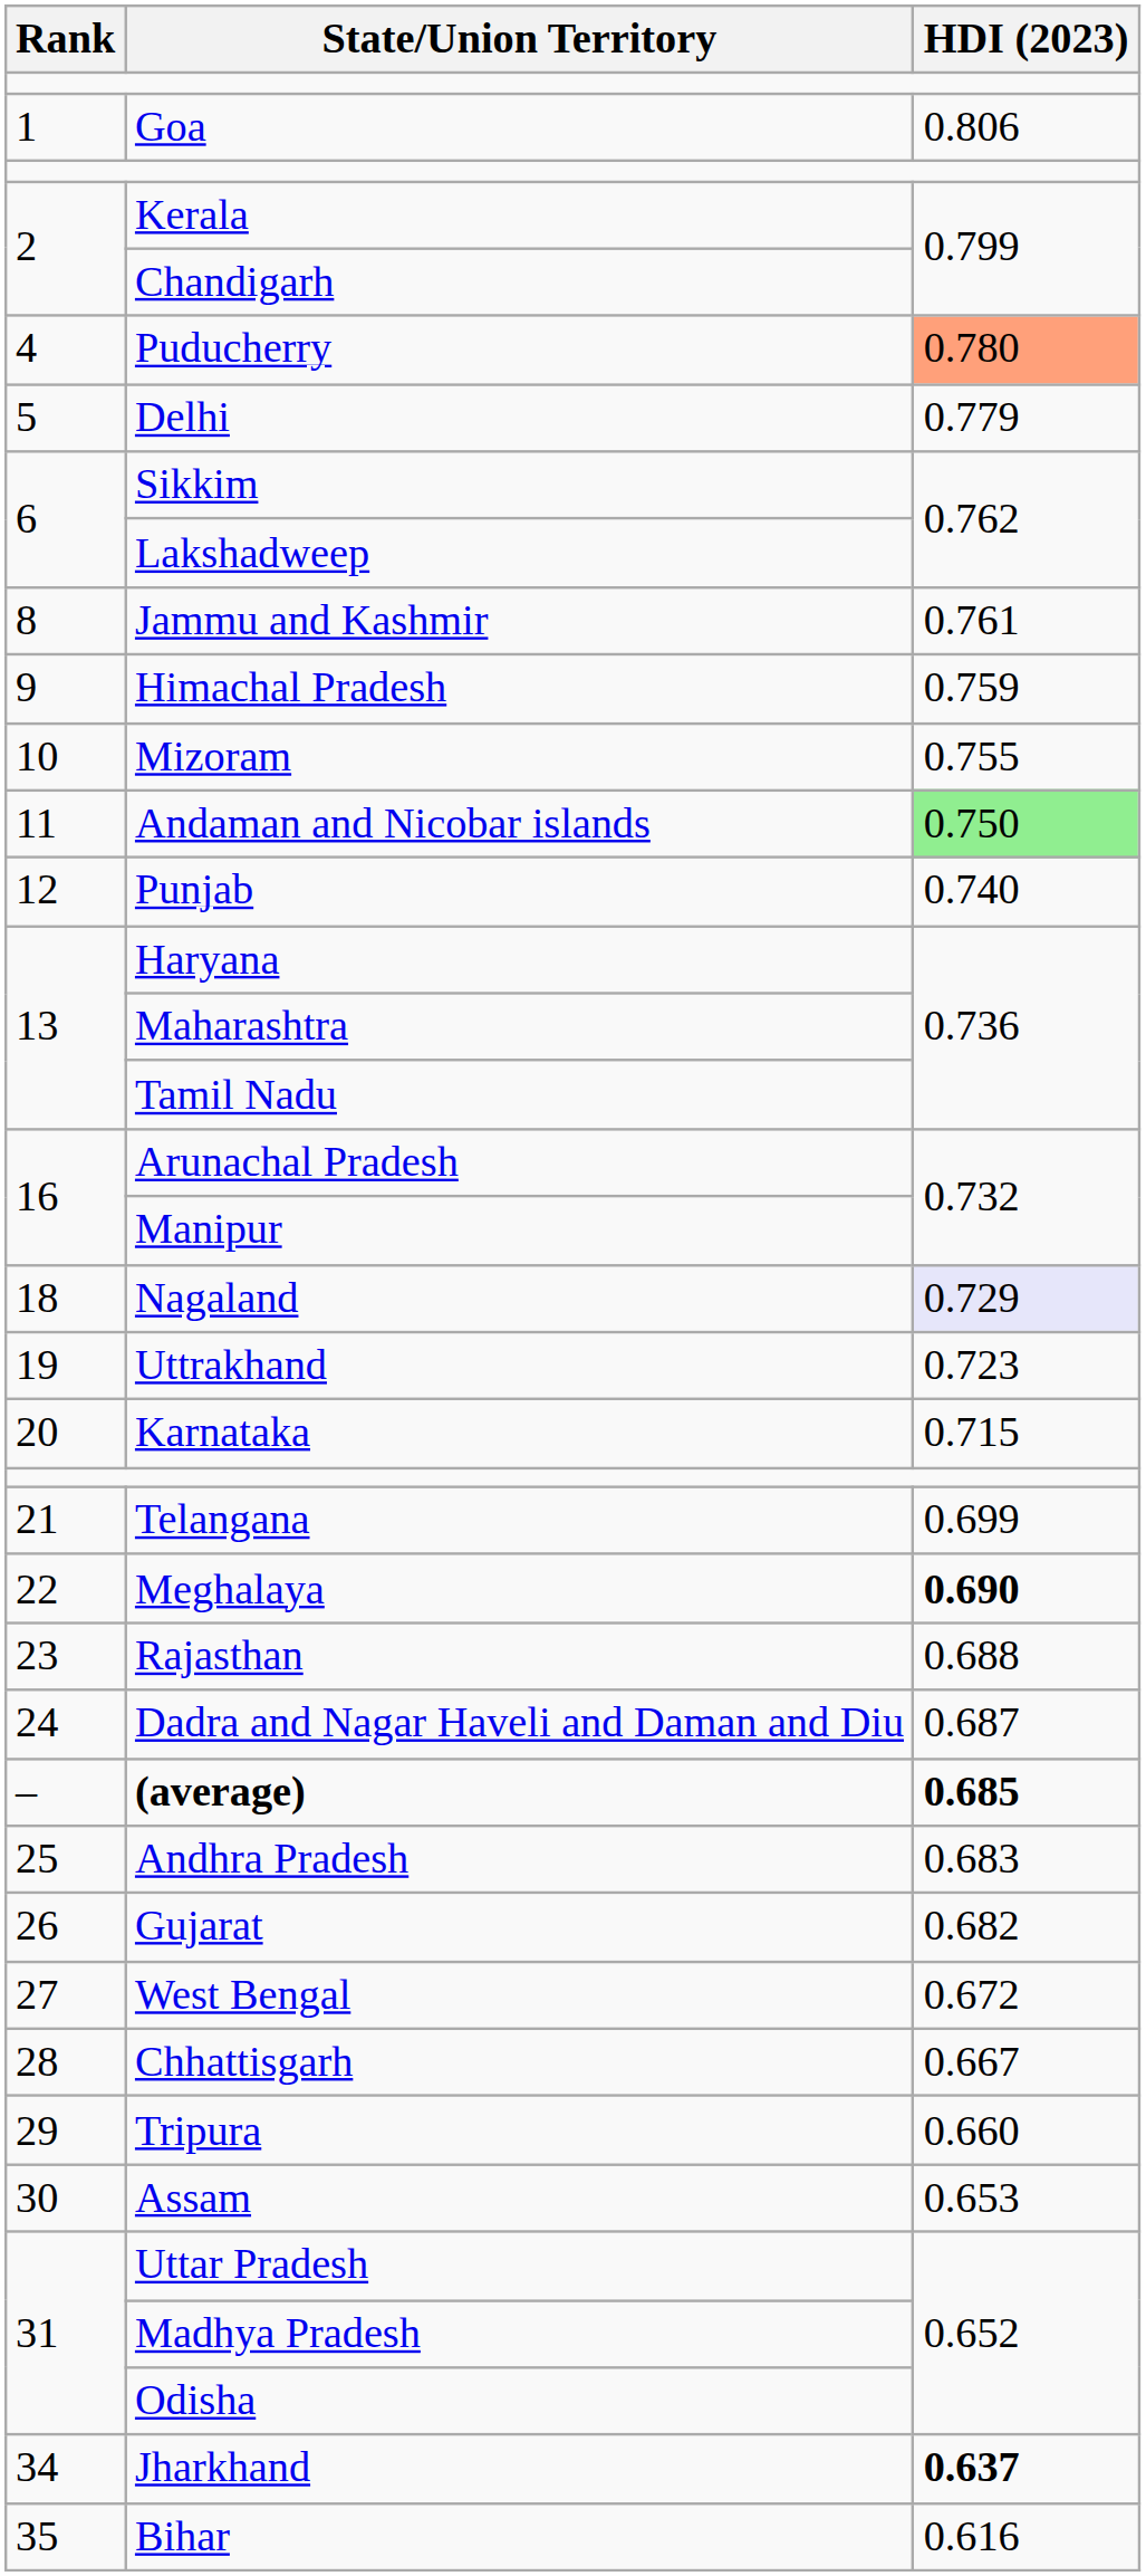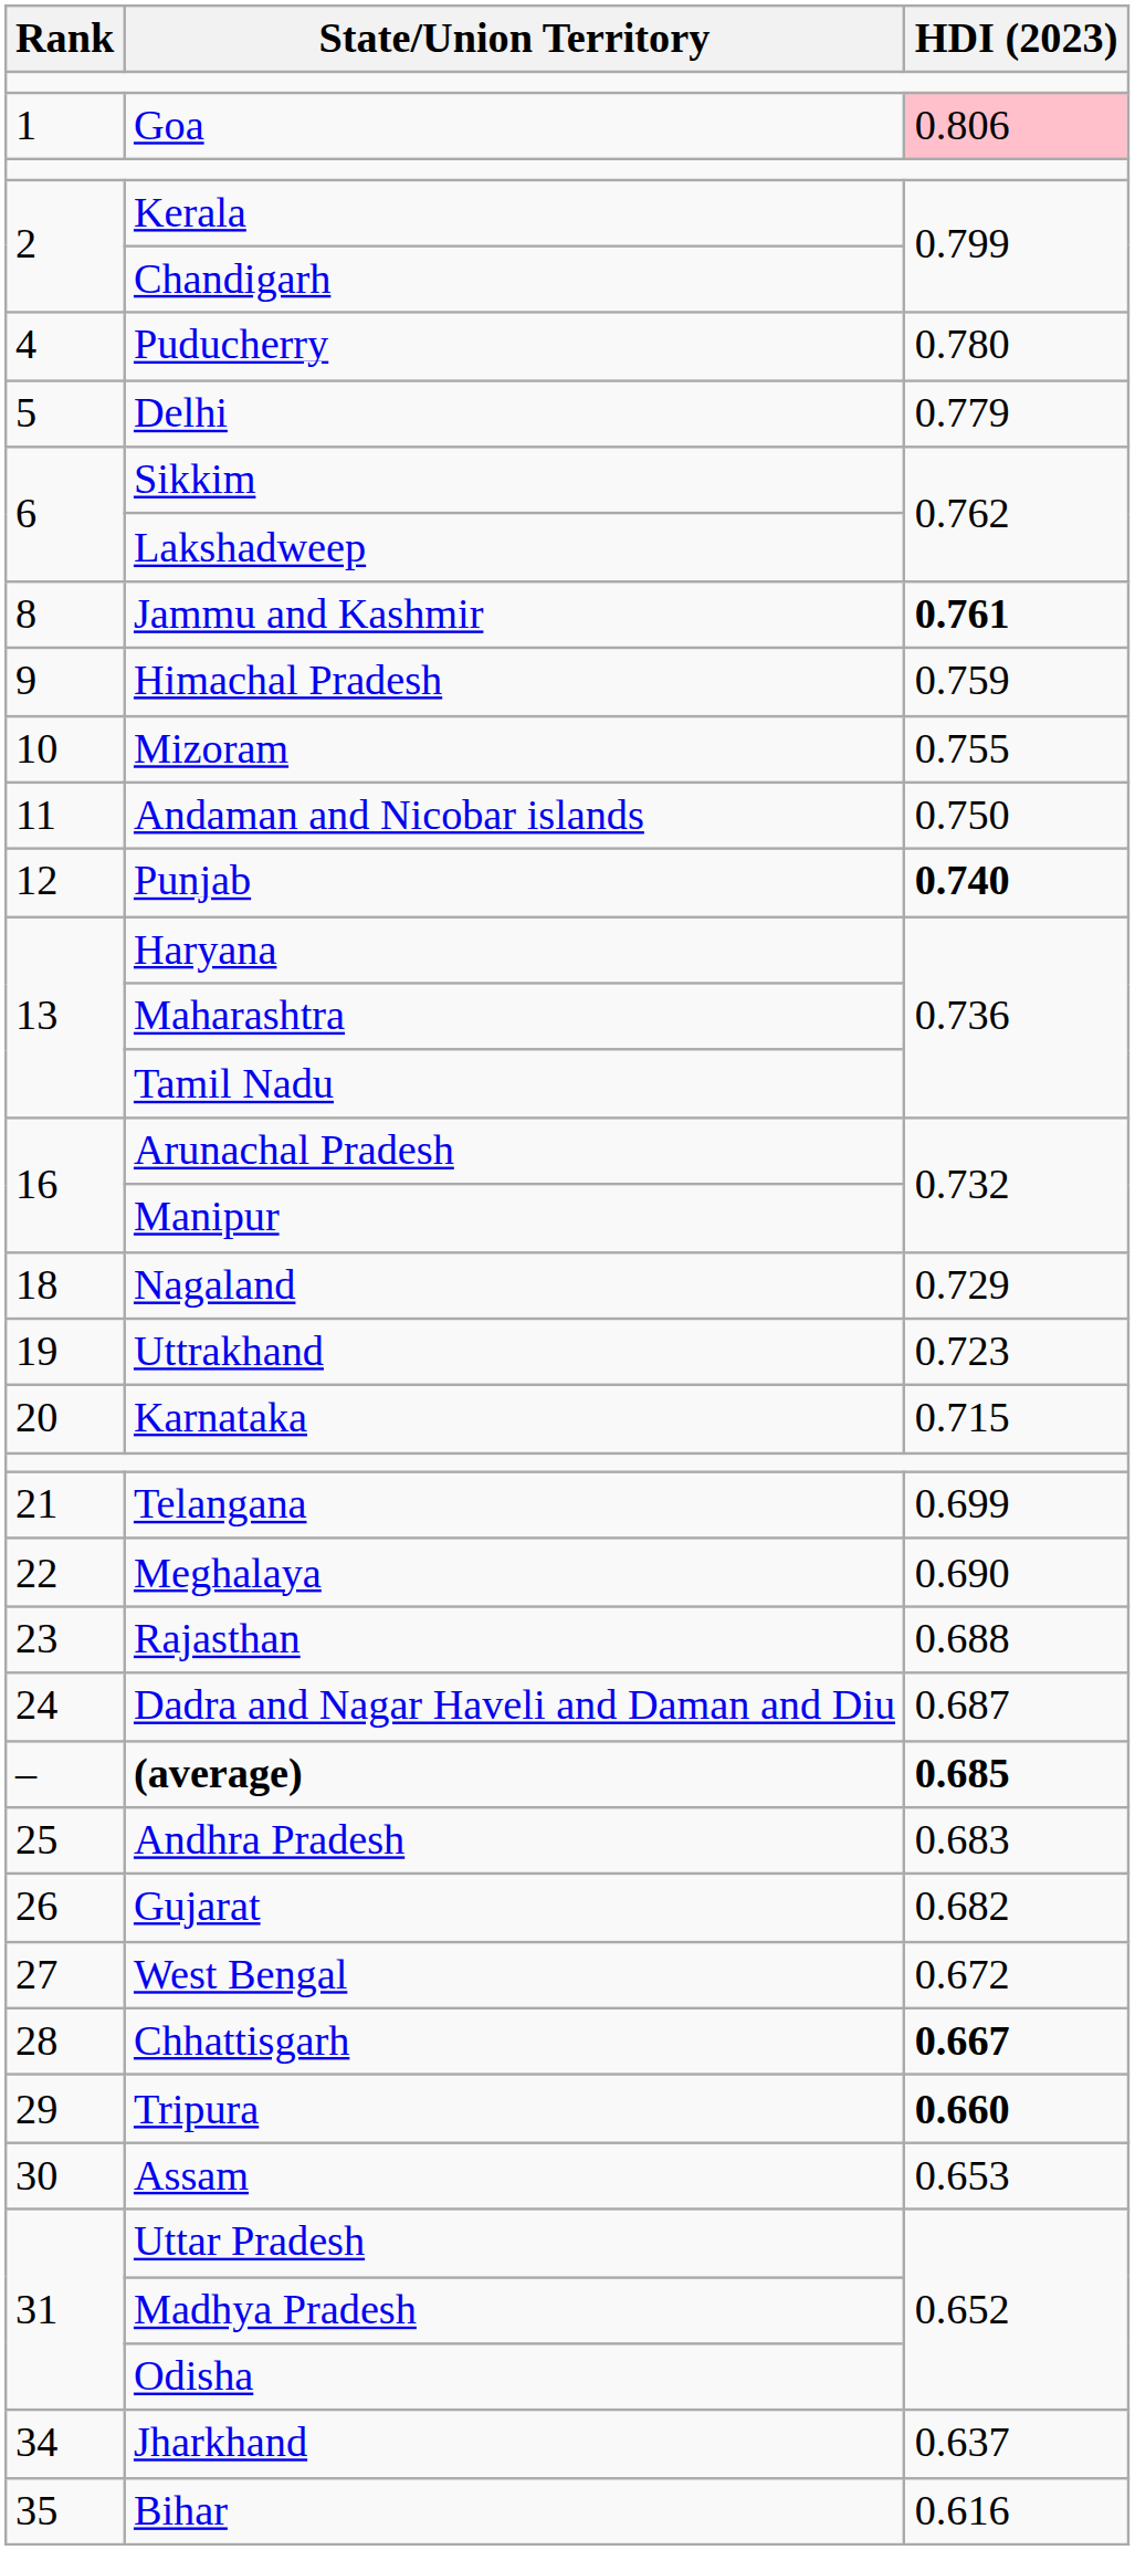 <table class="wikitable sortable">
 <tr>
 <th>Rank</th>
 <th>State/Union Territory</th>
 <th>HDI (2023)</th>
 </tr>
 <tr>
 <td style="text-align:center;"colspan="3"></td>
 </tr>
 <tr>
 <td>1</td>
 <td><a href='#'>Goa</a></td>
-<td>0.806</td>
+<td style="background: pink;">0.806</td>
 </tr>
 <tr>
 <td style="text-align:center;"colspan="3"></td>
 </tr>
 <tr>
 <td rowspan="2">2</td>
 <td><a href='#'>Kerala</a></td>
 <td rowspan="2">0.799</td>
 </tr>
 <tr>
 <td><a href='#'>Chandigarh</a></td>
 </tr>
 <tr>
 <td>4</td>
 <td><a href='#'>Puducherry</a></td>
-<td style="background: lightsalmon;">0.780</td>
+<td>0.780</td>
 </tr>
 <tr>
 <td>5</td>
 <td><a href='#'>Delhi</a></td>
 <td>0.779</td>
 </tr>
 <tr>
 <td rowspan="2">6</td>
 <td><a href='#'>Sikkim</a></td>
 <td rowspan="2">0.762</td>
 </tr>
 <tr>
 <td><a href='#'>Lakshadweep</a></td>
 </tr>
 <tr>
 <td>8</td>
 <td><a href='#'>Jammu and Kashmir</a></td>
-<td>0.761</td>
+<td><strong>0.761</strong></td>
 </tr>
 <tr>
 <td>9</td>
 <td><a href='#'>Himachal Pradesh</a></td>
 <td>0.759</td>
 </tr>
 <tr>
 <td>10</td>
 <td><a href='#'>Mizoram</a></td>
 <td>0.755</td>
 </tr>
 <tr>
 <td>11</td>
 <td><a href='#'>Andaman and Nicobar islands</a></td>
-<td style="background: lightgreen;">0.750</td>
+<td>0.750</td>
 </tr>
 <tr>
 <td>12</td>
 <td><a href='#'>Punjab</a></td>
-<td>0.740</td>
+<td><strong>0.740</strong></td>
 </tr>
 <tr>
 <td rowspan="3">13</td>
 <td><a href='#'>Haryana</a></td>
 <td rowspan="3">0.736</td>
 </tr>
 <tr>
 <td><a href='#'>Maharashtra</a></td>
 </tr>
 <tr>
 <td><a href='#'>Tamil Nadu</a></td>
 </tr>
 <tr>
 <td rowspan="2">16</td>
 <td><a href='#'>Arunachal Pradesh</a></td>
 <td rowspan="2">0.732</td>
 </tr>
 <tr>
 <td><a href='#'>Manipur</a></td>
 </tr>
 <tr>
 <td>18</td>
 <td><a href='#'>Nagaland</a></td>
-<td style="background: lavender;">0.729</td>
+<td>0.729</td>
 </tr>
 <tr>
 <td>19</td>
 <td><a href='#'>Uttrakhand</a></td>
 <td>0.723</td>
 </tr>
 <tr>
 <td>20</td>
 <td><a href='#'>Karnataka</a></td>
 <td>0.715</td>
 </tr>
 <tr>
 <td style="text-align:center;"colspan="3"></td>
 </tr>
 <tr>
 <td>21</td>
 <td><a href='#'>Telangana</a></td>
 <td>0.699</td>
 </tr>
 <tr>
 <td>22</td>
 <td><a href='#'>Meghalaya</a></td>
-<td><strong>0.690</strong></td>
+<td>0.690</td>
 </tr>
 <tr>
 <td>23</td>
 <td><a href='#'>Rajasthan</a></td>
 <td>0.688</td>
 </tr>
 <tr>
 <td>24</td>
 <td><a href='#'>Dadra and Nagar Haveli and Daman and Diu</a></td>
 <td>0.687</td>
 </tr>
 <tr>
 <td>–</td>
 <td><strong> (average)</strong></td>
 <td><strong>0.685</strong> </td>
 </tr>
 <tr>
 <td>25</td>
 <td><a href='#'>Andhra Pradesh</a></td>
 <td>0.683</td>
 </tr>
 <tr>
 <td>26</td>
 <td><a href='#'>Gujarat</a></td>
 <td>0.682</td>
 </tr>
 <tr>
 <td>27</td>
 <td><a href='#'>West Bengal</a></td>
 <td>0.672</td>
 </tr>
 <tr>
 <td>28</td>
 <td><a href='#'>Chhattisgarh</a></td>
-<td>0.667</td>
+<td><strong>0.667</strong></td>
 </tr>
 <tr>
 <td>29</td>
 <td><a href='#'>Tripura</a></td>
-<td>0.660</td>
+<td><strong>0.660</strong></td>
 </tr>
 <tr>
 <td>30</td>
 <td><a href='#'>Assam</a></td>
 <td>0.653</td>
 </tr>
 <tr>
 <td rowspan="3">31</td>
 <td><a href='#'>Uttar Pradesh</a></td>
 <td rowspan="3">0.652</td>
 </tr>
 <tr>
 <td><a href='#'>Madhya Pradesh</a></td>
 </tr>
 <tr>
 <td><a href='#'>Odisha</a></td>
 </tr>
 <tr>
 <td>34</td>
 <td><a href='#'>Jharkhand</a></td>
-<td><strong>0.637</strong></td>
+<td>0.637</td>
 </tr>
 <tr>
 <td>35</td>
 <td><a href='#'>Bihar</a></td>
 <td>0.616</td>
 </tr>
 </table>
